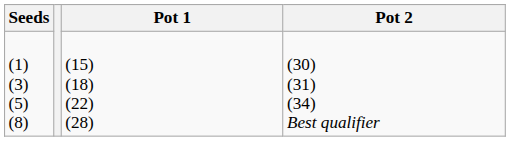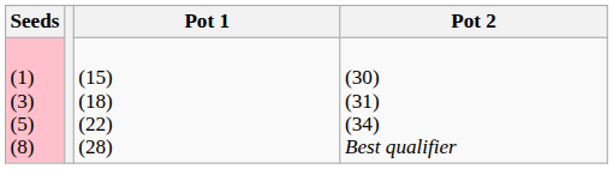 <table class="wikitable">
 <tr>
 <th>Seeds</th>
 <th rowspan=2></th>
 <th width=200>Pot 1</th>
 <th width=200>Pot 2</th>
 </tr>
 <tr>
-<td><br> (1) <br>  (3) <br>  (5) <br>  (8) </td>
+<td style="background: pink;"><br> (1) <br>  (3) <br>  (5) <br>  (8) </td>
 <td><br> (15)<br>  (18)<br>  (22)<br>  (28)</td>
 <td><br> (30)<br>  (31)<br>  (34)<br>  <em>Best qualifier</em></td>
 </tr>
 </table>
